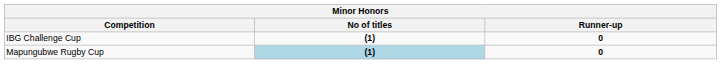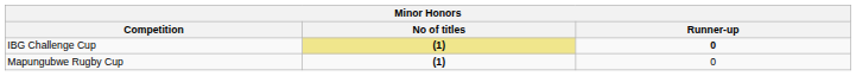 <table class="wikitable collapsible sortable" style="text-align:center; font-size:90%; width:75%;">
 <tr>
 <th colspan=6>Minor Honors</th>
 </tr>
 <tr>
 <th style="width:5%;">Competition</th>
 <th style="width:5%;">No of titles</th>
 <th style="width:5%;">Runner-up<br></th>
 </tr>
 <tr>
 <td style="text-align:left;">IBG Challenge Cup</td>
-<td><strong>(1)</strong> </td>
+<td style="background: khaki;"><strong>(1)</strong> </td>
 <td><strong>0</strong></td>
 </tr>
 <tr>
 <td style="text-align:left;">Mapungubwe Rugby Cup</td>
-<td style="background: lightblue;"><strong>(1)</strong></td>
-<td><strong>0</strong></td>
+<td><strong>(1)</strong></td>
+<td>0</td>
 </tr>
 </table>
